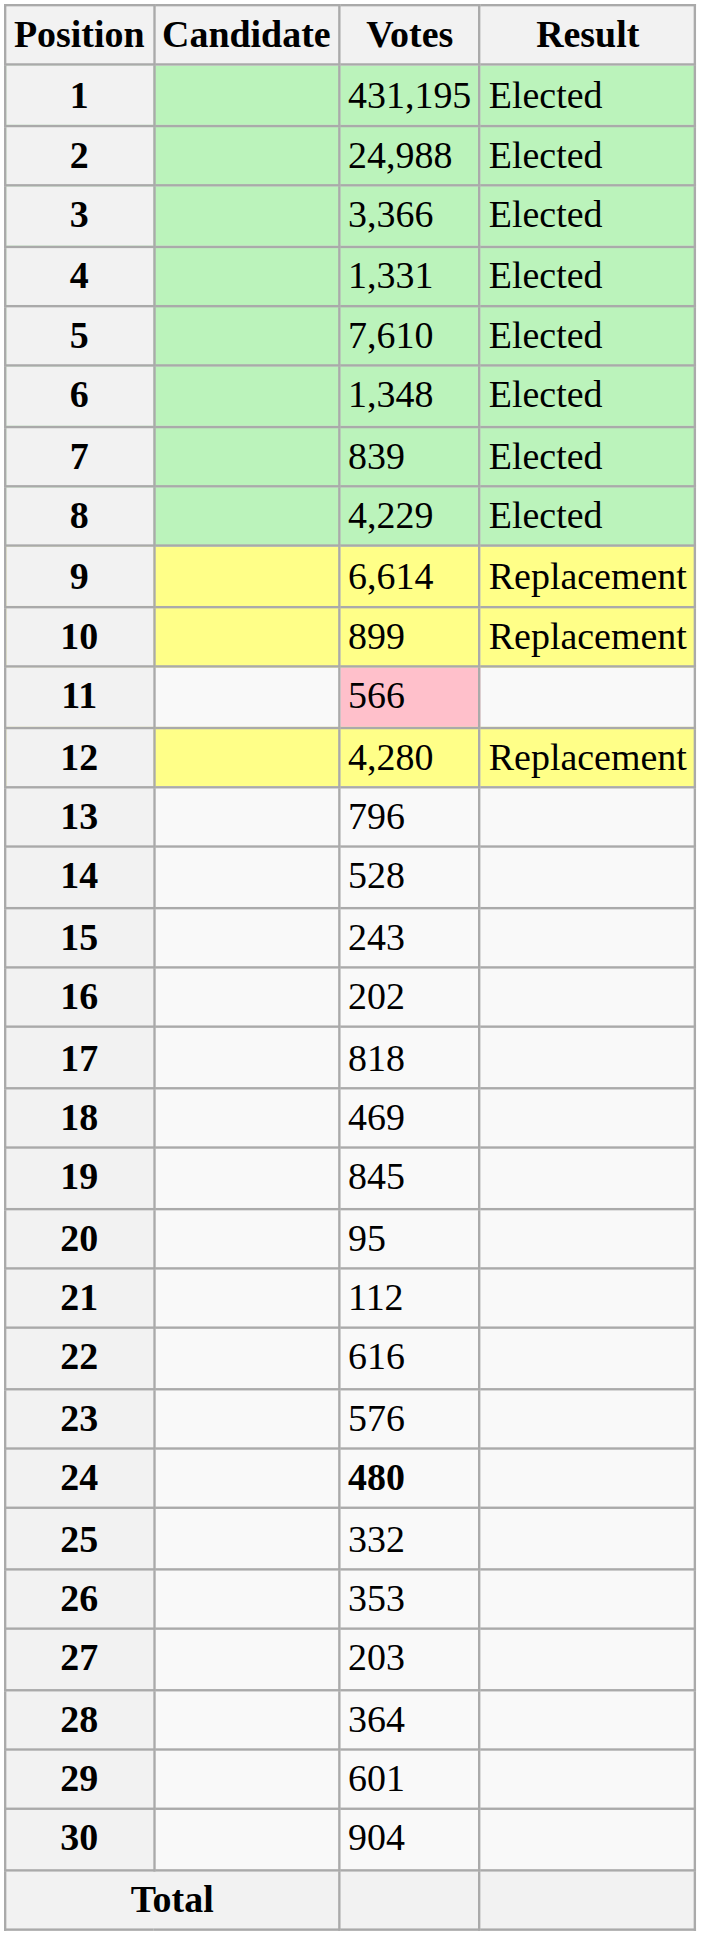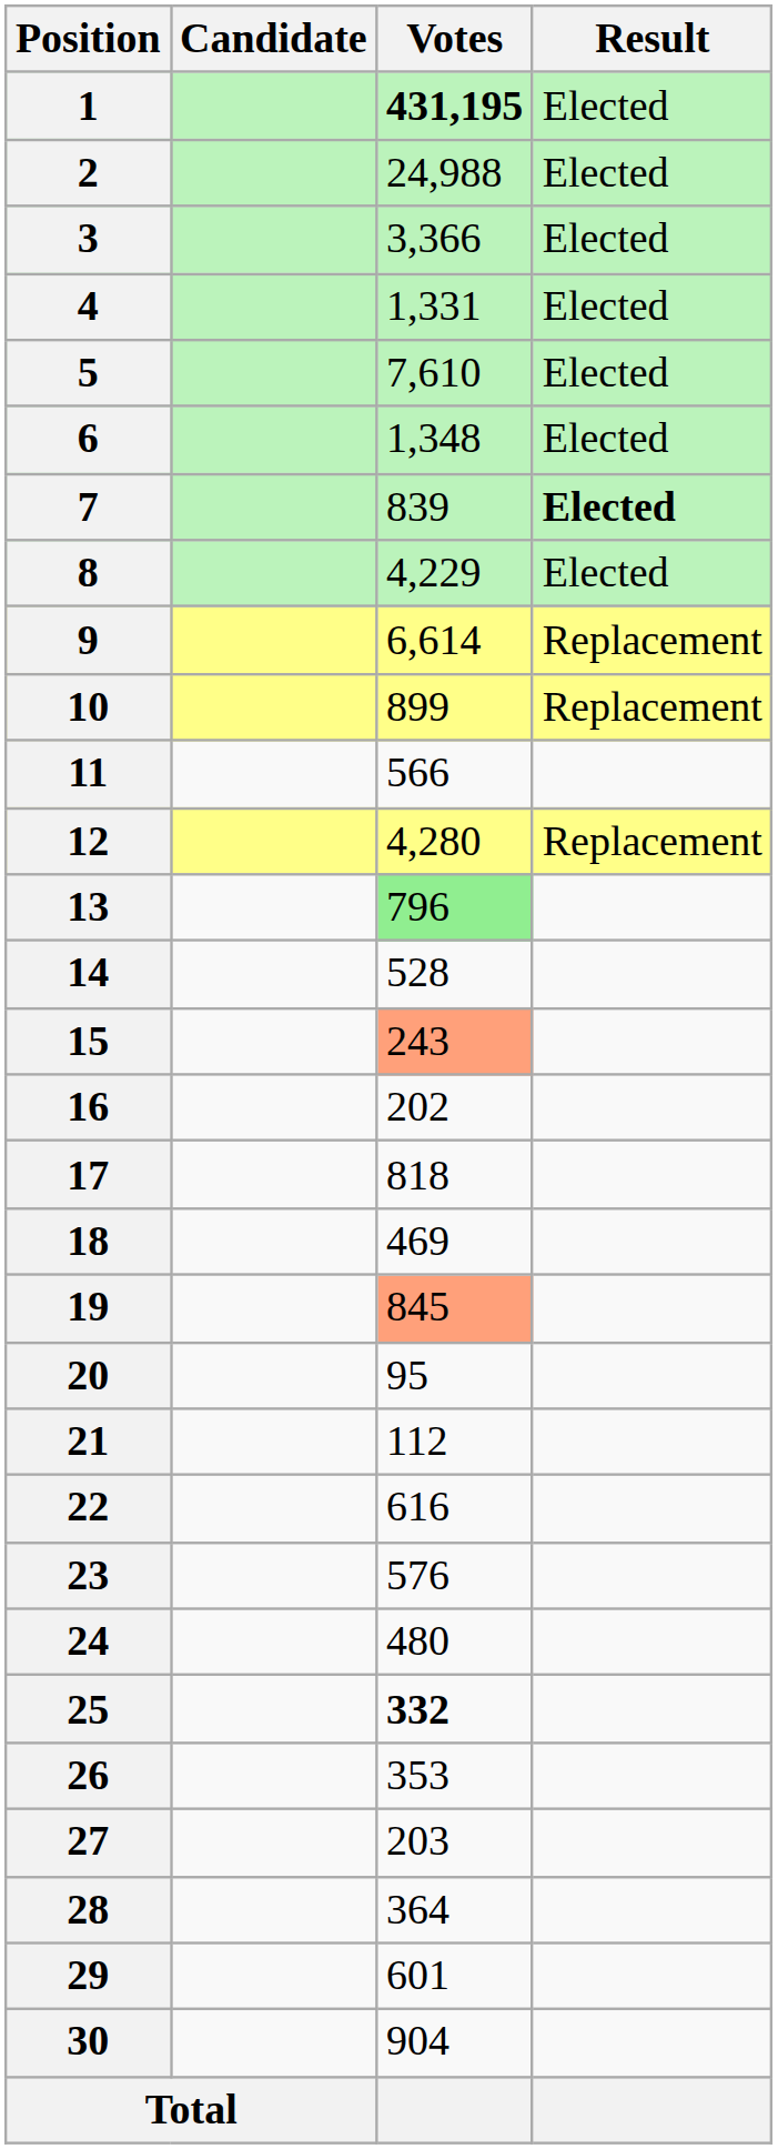 <table class="wikitable sortable col3right">
 <tr>
 <th scope="col">Position</th>
 <th scope="col">Candidate</th>
 <th scope="col">Votes</th>
 <th scope="col">Result</th>
 </tr>
 <tr bgcolor=bbf3bb>
 <th scope="row">1</th>
 <td></td>
-<td>431,195</td>
+<td><strong>431,195</strong></td>
 <td>Elected</td>
 </tr>
 <tr bgcolor=bbf3bb>
 <th scope="row">2</th>
 <td></td>
 <td>24,988</td>
 <td>Elected</td>
 </tr>
 <tr bgcolor=bbf3bb>
 <th scope="row">3</th>
 <td></td>
 <td>3,366</td>
 <td>Elected</td>
 </tr>
 <tr bgcolor=bbf3bb>
 <th scope="row">4</th>
 <td></td>
 <td>1,331</td>
 <td>Elected</td>
 </tr>
 <tr bgcolor=bbf3bb>
 <th scope="row">5</th>
 <td></td>
 <td>7,610</td>
 <td>Elected</td>
 </tr>
 <tr bgcolor=bbf3bb>
 <th scope="row">6</th>
 <td></td>
 <td>1,348</td>
 <td>Elected</td>
 </tr>
 <tr bgcolor=bbf3bb>
 <th scope="row">7</th>
 <td></td>
 <td>839</td>
-<td>Elected</td>
+<td><strong>Elected</strong></td>
 </tr>
 <tr bgcolor=bbf3bb>
 <th scope="row">8</th>
 <td></td>
 <td>4,229</td>
 <td>Elected</td>
 </tr>
 <tr bgcolor=#FF8>
 <th scope="row">9</th>
 <td></td>
 <td>6,614</td>
 <td>Replacement</td>
 </tr>
 <tr bgcolor=#FF8>
 <th scope="row">10</th>
 <td></td>
 <td>899</td>
 <td>Replacement</td>
 </tr>
 <tr>
 <th scope="row">11</th>
 <td></td>
-<td style="background: pink;">566</td>
+<td>566</td>
 <td></td>
 </tr>
 <tr bgcolor=#FF8>
 <th scope="row">12</th>
 <td></td>
 <td>4,280</td>
 <td>Replacement</td>
 </tr>
 <tr>
 <th scope="row">13</th>
 <td></td>
-<td>796</td>
+<td style="background: lightgreen;">796</td>
 <td></td>
 </tr>
 <tr>
 <th scope="row">14</th>
 <td></td>
 <td>528</td>
 <td></td>
 </tr>
 <tr>
 <th scope="row">15</th>
 <td></td>
-<td>243</td>
+<td style="background: lightsalmon;">243</td>
 <td></td>
 </tr>
 <tr>
 <th scope="row">16</th>
 <td></td>
 <td>202</td>
 <td></td>
 </tr>
 <tr>
 <th scope="row">17</th>
 <td></td>
 <td>818</td>
 <td></td>
 </tr>
 <tr>
 <th scope="row">18</th>
 <td></td>
 <td>469</td>
 <td></td>
 </tr>
 <tr>
 <th scope="row">19</th>
 <td></td>
-<td>845</td>
+<td style="background: lightsalmon;">845</td>
 <td></td>
 </tr>
 <tr>
 <th scope="row">20</th>
 <td></td>
 <td>95</td>
 <td></td>
 </tr>
 <tr>
 <th scope="row">21</th>
 <td></td>
 <td>112</td>
 <td></td>
 </tr>
 <tr>
 <th scope="row">22</th>
 <td></td>
 <td>616</td>
 <td></td>
 </tr>
 <tr>
 <th scope="row">23</th>
 <td></td>
 <td>576</td>
 <td></td>
 </tr>
 <tr>
 <th scope="row">24</th>
 <td></td>
-<td><strong>480</strong></td>
+<td>480</td>
 <td></td>
 </tr>
 <tr>
 <th scope="row">25</th>
 <td></td>
-<td>332</td>
+<td><strong>332</strong></td>
 <td></td>
 </tr>
 <tr>
 <th scope="row">26</th>
 <td></td>
 <td>353</td>
 <td></td>
 </tr>
 <tr>
 <th scope="row">27</th>
 <td></td>
 <td>203</td>
 <td></td>
 </tr>
 <tr>
 <th scope="row">28</th>
 <td></td>
 <td>364</td>
 <td></td>
 </tr>
 <tr>
 <th scope="row">29</th>
 <td></td>
 <td>601</td>
 <td></td>
 </tr>
 <tr>
 <th scope="row">30</th>
 <td></td>
 <td>904</td>
 <td></td>
 </tr>
 <tr class="sortbottom">
 <th scope="row" colspan="2">Total</th>
 <th></th>
 <th></th>
 </tr>
 </table>
